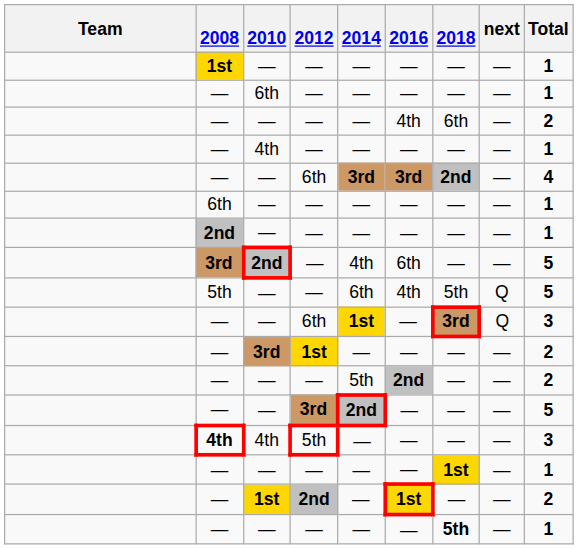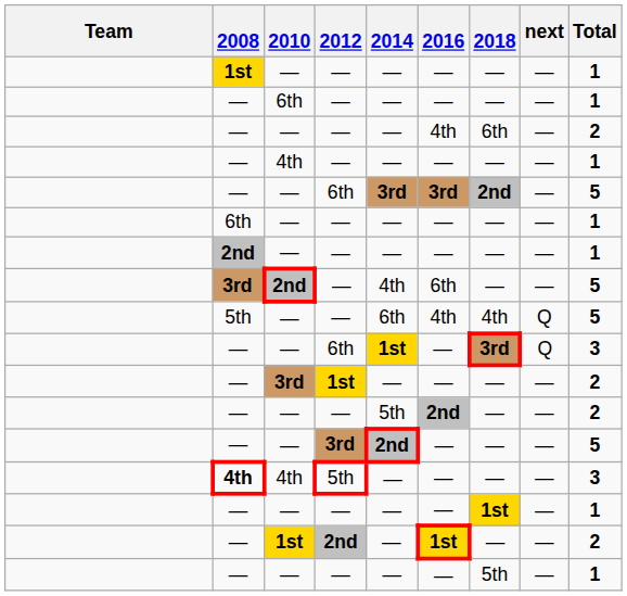 <table class="wikitable" style="text-align:center; font-size:90%">
 <tr>
 <th width=150>Team</th>
 <th><br><a href='#'>2008</a></th>
 <th><br><a href='#'>2010</a></th>
 <th><br><a href='#'>2012</a></th>
 <th><br><a href='#'>2014</a></th>
 <th><br><a href='#'>2016</a></th>
 <th><br><a href='#'>2018</a></th>
 <th>next</th>
 <th>Total</th>
 </tr>
 <tr>
 <td align=left></td>
 <td bgcolor=Gold><strong>1st</strong></td>
 <td>—</td>
 <td>—</td>
 <td>—</td>
 <td>—</td>
 <td>—</td>
 <td>—</td>
 <td><strong>1</strong></td>
 </tr>
 <tr>
 <td align=left></td>
 <td>—</td>
 <td>6th</td>
 <td>—</td>
 <td>—</td>
 <td>—</td>
 <td>—</td>
 <td>—</td>
 <td><strong>1</strong></td>
 </tr>
 <tr>
 <td align=left></td>
 <td>—</td>
 <td>—</td>
 <td>—</td>
 <td>—</td>
 <td>4th</td>
 <td>6th</td>
 <td>—</td>
 <td><strong>2</strong></td>
 </tr>
 <tr>
 <td align=left></td>
 <td>—</td>
 <td>4th</td>
 <td>—</td>
 <td>—</td>
 <td>—</td>
 <td>—</td>
 <td>—</td>
 <td><strong>1</strong></td>
 </tr>
 <tr>
 <td align=left></td>
 <td>—</td>
 <td>—</td>
 <td>6th</td>
 <td bgcolor=#cc9966><strong>3rd</strong></td>
 <td bgcolor=#cc9966><strong>3rd</strong></td>
 <td bgcolor=Silver><strong>2nd</strong></td>
 <td>—</td>
-<td><strong>4</strong></td>
+<td><strong>5</strong></td>
 </tr>
 <tr>
 <td align=left></td>
 <td>6th</td>
 <td>—</td>
 <td>—</td>
 <td>—</td>
 <td>—</td>
 <td>—</td>
 <td>—</td>
 <td><strong>1</strong></td>
 </tr>
 <tr>
 <td align=left></td>
 <td bgcolor=Silver><strong>2nd</strong></td>
 <td>—</td>
 <td>—</td>
 <td>—</td>
 <td>—</td>
 <td>—</td>
 <td>—</td>
 <td><strong>1</strong></td>
 </tr>
 <tr>
 <td align=left></td>
 <td bgcolor=#cc9966><strong>3rd</strong></td>
 <td style="border: 3px solid red" bgcolor=Silver><strong>2nd</strong></td>
 <td>—</td>
 <td>4th</td>
 <td>6th</td>
 <td>—</td>
 <td>—</td>
 <td><strong>5</strong></td>
 </tr>
 <tr>
 <td align=left></td>
 <td>5th</td>
 <td>—</td>
 <td>—</td>
 <td>6th</td>
 <td>4th</td>
-<td>5th</td>
+<td>4th</td>
 <td>Q</td>
 <td><strong>5</strong></td>
 </tr>
 <tr>
 <td align=left></td>
 <td>—</td>
 <td>—</td>
 <td>6th</td>
 <td bgcolor=Gold><strong>1st</strong></td>
 <td>—</td>
 <td style="border: 3px solid red" bgcolor=#cc9966><strong>3rd</strong></td>
 <td>Q</td>
 <td><strong>3</strong></td>
 </tr>
 <tr>
 <td align=left></td>
 <td>—</td>
 <td bgcolor=#cc9966><strong>3rd</strong></td>
 <td bgcolor=Gold><strong>1st</strong></td>
 <td>—</td>
 <td>—</td>
 <td>—</td>
 <td>—</td>
 <td><strong>2</strong></td>
 </tr>
 <tr>
 <td align=left></td>
 <td>—</td>
 <td>—</td>
 <td>—</td>
 <td>5th</td>
 <td bgcolor=Silver><strong>2nd</strong></td>
 <td>—</td>
 <td>—</td>
 <td><strong>2</strong></td>
 </tr>
 <tr>
 <td align=left></td>
 <td>—</td>
 <td>—</td>
 <td bgcolor=#cc9966><strong>3rd</strong></td>
 <td style="border: 3px solid red" bgcolor=Silver><strong>2nd</strong></td>
 <td>—</td>
 <td>—</td>
 <td>—</td>
 <td><strong>5</strong></td>
 </tr>
 <tr>
 <td align=left></td>
 <td style="border: 3px solid red"><strong>4th</strong></td>
 <td>4th</td>
 <td style="border: 3px solid red">5th</td>
 <td>—</td>
 <td>—</td>
 <td>—</td>
 <td>—</td>
 <td><strong>3</strong></td>
 </tr>
 <tr>
 <td align=left></td>
 <td>—</td>
 <td>—</td>
 <td>—</td>
 <td>—</td>
 <td>—</td>
 <td bgcolor=Gold><strong>1st</strong></td>
 <td>—</td>
 <td><strong>1</strong></td>
 </tr>
 <tr>
 <td align=left></td>
 <td>—</td>
 <td bgcolor=Gold><strong>1st</strong></td>
 <td bgcolor=Silver><strong>2nd</strong></td>
 <td>—</td>
 <td style="border: 3px solid red" bgcolor=Gold><strong>1st</strong></td>
 <td>—</td>
 <td>—</td>
 <td><strong>2</strong></td>
 </tr>
 <tr>
 <td align=left></td>
 <td>—</td>
 <td>—</td>
 <td>—</td>
 <td>—</td>
 <td>—</td>
-<td><strong>5th</strong></td>
+<td>5th</td>
 <td>—</td>
 <td><strong>1</strong></td>
 </tr>
 </table>
